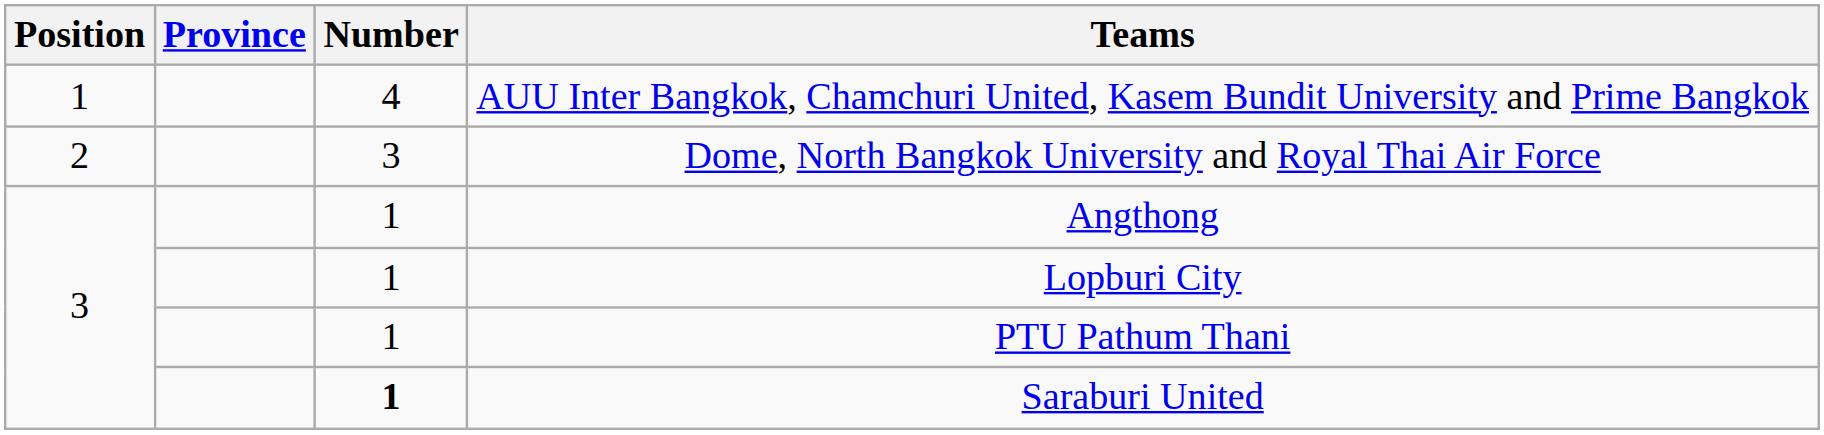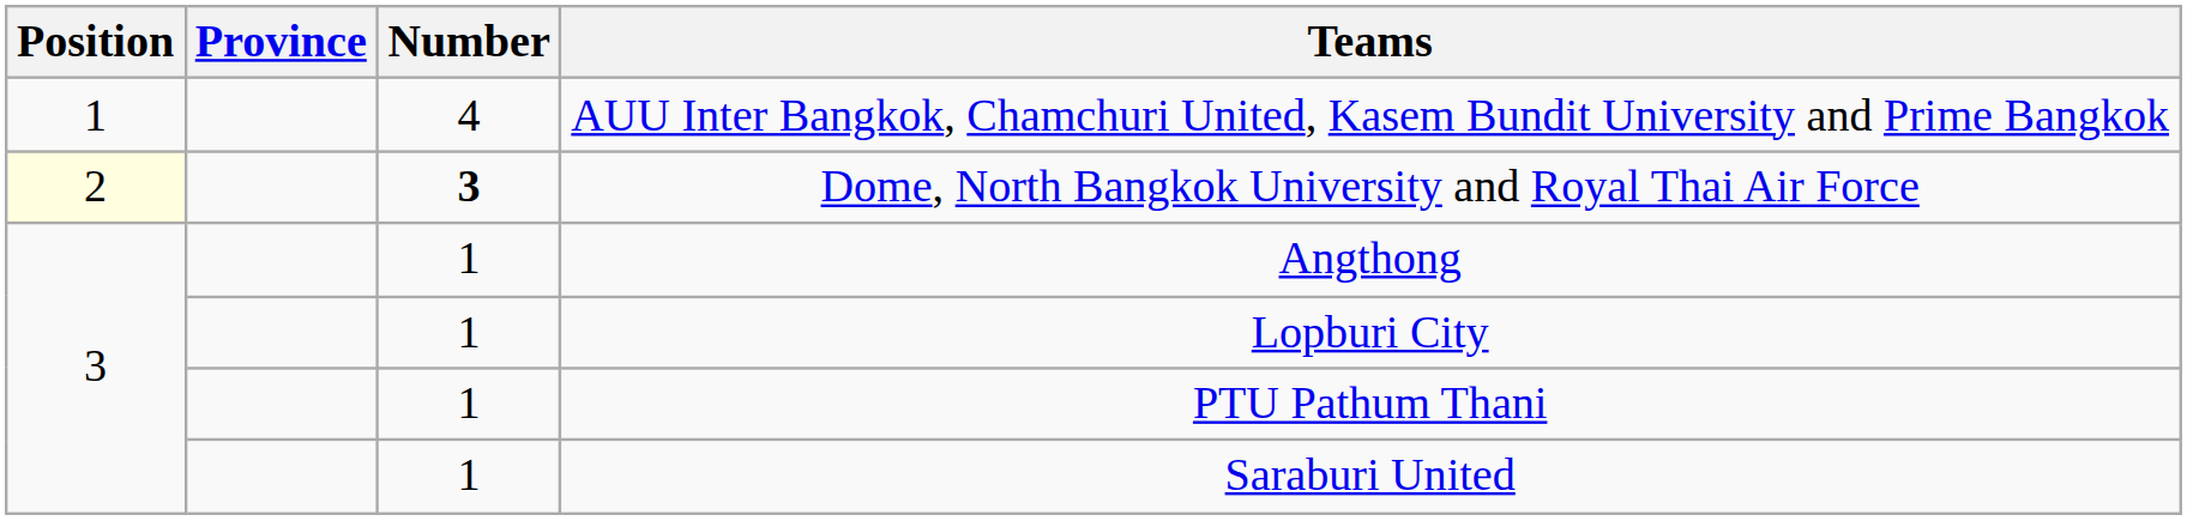 <table class="wikitable">
 <tr>
 <th>Position</th>
 <th><a href='#'>Province</a></th>
 <th>Number</th>
 <th>Teams</th>
 </tr>
 <tr>
 <td align=center rowspan="1">1</td>
 <td></td>
 <td align=center>4</td>
 <td align=center><a href='#'>AUU Inter Bangkok</a>, <a href='#'>Chamchuri United</a>, <a href='#'>Kasem Bundit University</a> and <a href='#'>Prime Bangkok</a></td>
 </tr>
 <tr>
-<td align=center rowspan="1">2</td>
+<td align=center rowspan="1" style="background: lightyellow;">2</td>
 <td></td>
-<td align=center>3</td>
+<td align=center><strong>3</strong></td>
 <td align=center><a href='#'>Dome</a>, <a href='#'>North Bangkok University</a> and <a href='#'>Royal Thai Air Force</a></td>
 </tr>
 <tr>
 <td align=center rowspan="4">3</td>
 <td></td>
 <td align=center>1</td>
 <td align=center><a href='#'>Angthong</a></td>
 </tr>
 <tr>
 <td></td>
 <td align=center>1</td>
 <td align=center><a href='#'>Lopburi City</a></td>
 </tr>
 <tr>
 <td></td>
 <td align=center>1</td>
 <td align=center><a href='#'>PTU Pathum Thani</a></td>
 </tr>
 <tr>
 <td></td>
-<td align=center><strong>1</strong></td>
+<td align=center>1</td>
 <td align=center><a href='#'>Saraburi United</a></td>
 </tr>
 </table>
